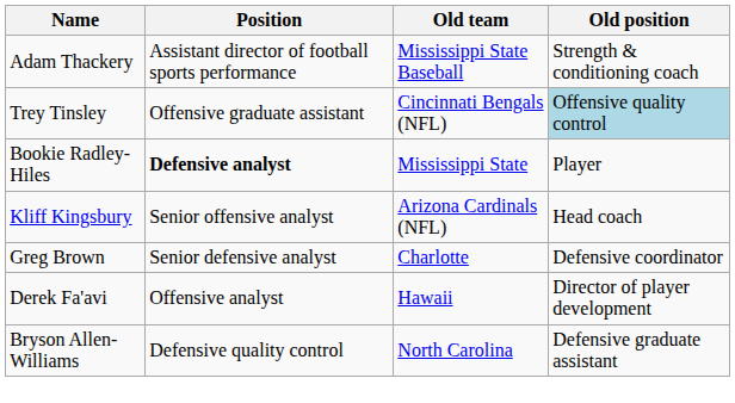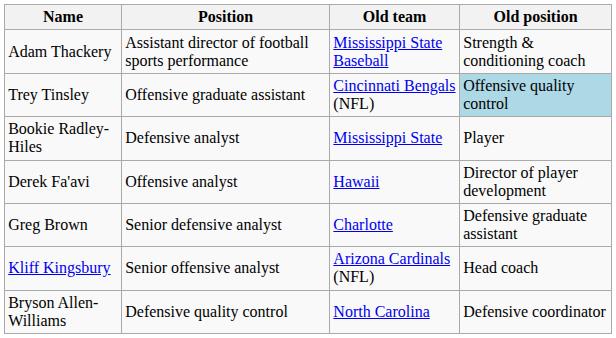 <table class="wikitable">
 <tr>
 <th style="text-align:center; ">Name</th>
 <th style="text-align:center; ">Position</th>
 <th style="text-align:center; ">Old team</th>
 <th style="text-align:center; ">Old position</th>
 </tr>
 <tr>
 <td>Adam Thackery</td>
 <td>Assistant director of football sports performance</td>
 <td><a href='#'>Mississippi State Baseball</a></td>
 <td>Strength & conditioning coach</td>
 </tr>
 <tr>
 <td>Trey Tinsley</td>
 <td>Offensive graduate assistant</td>
 <td><a href='#'>Cincinnati Bengals</a> (NFL)</td>
 <td style="background: lightblue;">Offensive quality control</td>
 </tr>
 <tr>
 <td>Bookie Radley-Hiles</td>
-<td><strong>Defensive analyst</strong></td>
+<td>Defensive analyst</td>
 <td><a href='#'>Mississippi State</a></td>
 <td>Player</td>
+</tr>
+<tr>
+<td>Derek Fa'avi</td>
+<td>Offensive analyst</td>
+<td><a href='#'>Hawaii</a></td>
+<td>Director of player development</td>
+</tr>
+<tr>
+<td>Greg Brown</td>
+<td>Senior defensive analyst</td>
+<td><a href='#'>Charlotte</a></td>
+<td>Defensive graduate assistant</td>
 </tr>
 <tr>
 <td><a href='#'>Kliff Kingsbury</a></td>
 <td>Senior offensive analyst</td>
 <td><a href='#'>Arizona Cardinals</a> (NFL)</td>
 <td>Head coach</td>
 </tr>
 <tr>
-<td>Greg Brown</td>
-<td>Senior defensive analyst</td>
-<td><a href='#'>Charlotte</a></td>
-<td>Defensive coordinator</td>
-</tr>
-<tr>
-<td>Derek Fa'avi</td>
-<td>Offensive analyst</td>
-<td><a href='#'>Hawaii</a></td>
-<td>Director of player development</td>
-</tr>
-<tr>
 <td>Bryson Allen-Williams</td>
 <td>Defensive quality control</td>
 <td><a href='#'>North Carolina</a></td>
-<td>Defensive graduate assistant</td>
+<td>Defensive coordinator</td>
 </tr>
 </table>
